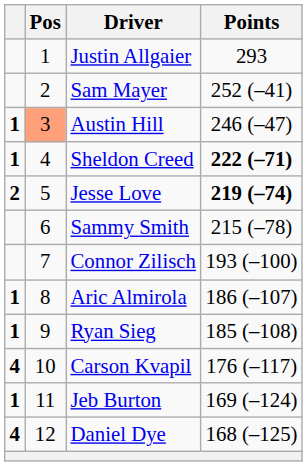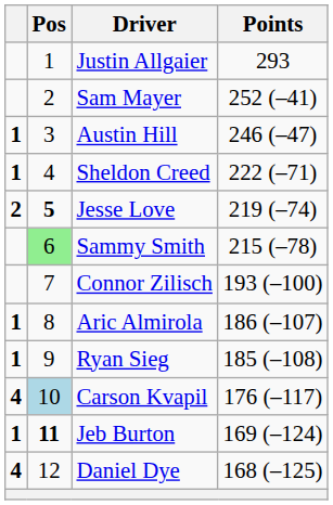 <table class="wikitable" style="font-size: 95%;">
 <tr>
 <th></th>
 <th>Pos</th>
 <th>Driver</th>
 <th>Points</th>
 </tr>
 <tr>
 <td align="left"></td>
 <td style="text-align:center;">1</td>
 <td><a href='#'>Justin Allgaier</a></td>
 <td style="text-align:center;">293</td>
 </tr>
 <tr>
 <td align="left"></td>
 <td style="text-align:center;">2</td>
 <td><a href='#'>Sam Mayer</a></td>
 <td style="text-align:center;">252 (–41)</td>
 </tr>
 <tr>
 <td align="left"> <strong>1</strong></td>
-<td style="background: lightsalmon; text-align:center;">3</td>
+<td style="text-align:center;">3</td>
 <td><a href='#'>Austin Hill</a></td>
 <td style="text-align:center;">246 (–47)</td>
 </tr>
 <tr>
 <td align="left"> <strong>1</strong></td>
 <td style="text-align:center;">4</td>
 <td><a href='#'>Sheldon Creed</a></td>
-<td style="text-align:center;"><strong>222 (–71)</strong></td>
+<td style="text-align:center;">222 (–71)</td>
 </tr>
 <tr>
 <td align="left"> <strong>2</strong></td>
-<td style="text-align:center;">5</td>
+<td style="text-align:center;"><strong>5</strong></td>
 <td><a href='#'>Jesse Love</a></td>
-<td style="text-align:center;"><strong>219 (–74)</strong></td>
+<td style="text-align:center;">219 (–74)</td>
 </tr>
 <tr>
 <td align="left"></td>
-<td style="text-align:center;">6</td>
+<td style="background: lightgreen; text-align:center;">6</td>
 <td><a href='#'>Sammy Smith</a></td>
 <td style="text-align:center;">215 (–78)</td>
 </tr>
 <tr>
 <td align="left"></td>
 <td style="text-align:center;">7</td>
 <td><a href='#'>Connor Zilisch</a></td>
 <td style="text-align:center;">193 (–100)</td>
 </tr>
 <tr>
 <td align="left"> <strong>1</strong></td>
 <td style="text-align:center;">8</td>
 <td><a href='#'>Aric Almirola</a></td>
 <td style="text-align:center;">186 (–107)</td>
 </tr>
 <tr>
 <td align="left"> <strong>1</strong></td>
 <td style="text-align:center;">9</td>
 <td><a href='#'>Ryan Sieg</a></td>
 <td style="text-align:center;">185 (–108)</td>
 </tr>
 <tr>
 <td align="left"> <strong>4</strong></td>
-<td style="text-align:center;">10</td>
+<td style="background: lightblue; text-align:center;">10</td>
 <td><a href='#'>Carson Kvapil</a></td>
 <td style="text-align:center;">176 (–117)</td>
 </tr>
 <tr>
 <td align="left"> <strong>1</strong></td>
-<td style="text-align:center;">11</td>
+<td style="text-align:center;"><strong>11</strong></td>
 <td><a href='#'>Jeb Burton</a></td>
 <td style="text-align:center;">169 (–124)</td>
 </tr>
 <tr>
 <td align="left"> <strong>4</strong></td>
 <td style="text-align:center;">12</td>
 <td><a href='#'>Daniel Dye</a></td>
 <td style="text-align:center;">168 (–125)</td>
 </tr>
 <tr class="sortbottom">
 <th colspan="9"></th>
 </tr>
 </table>
